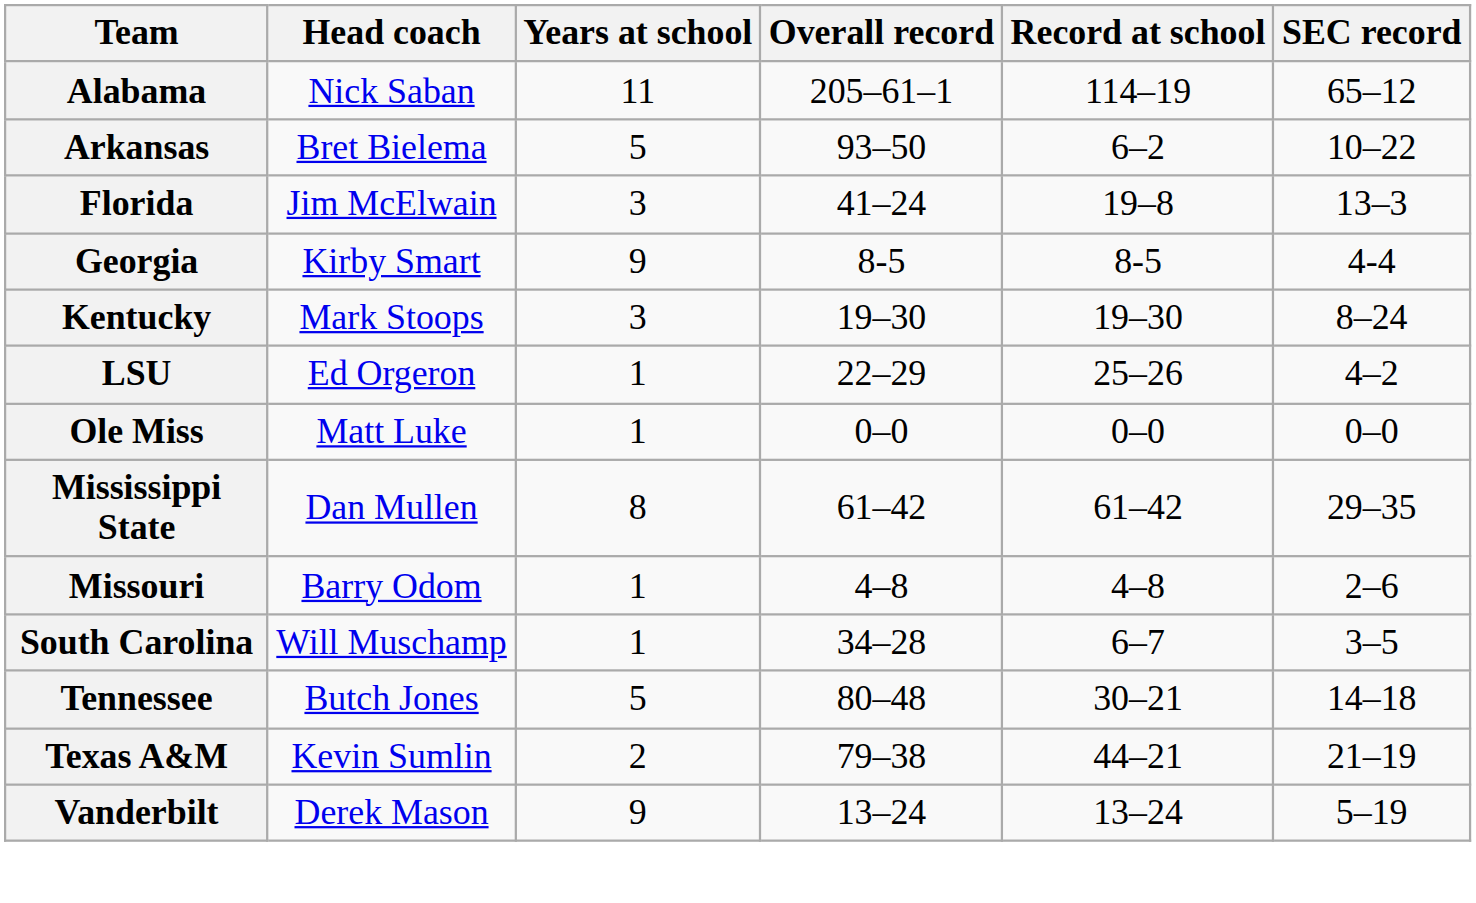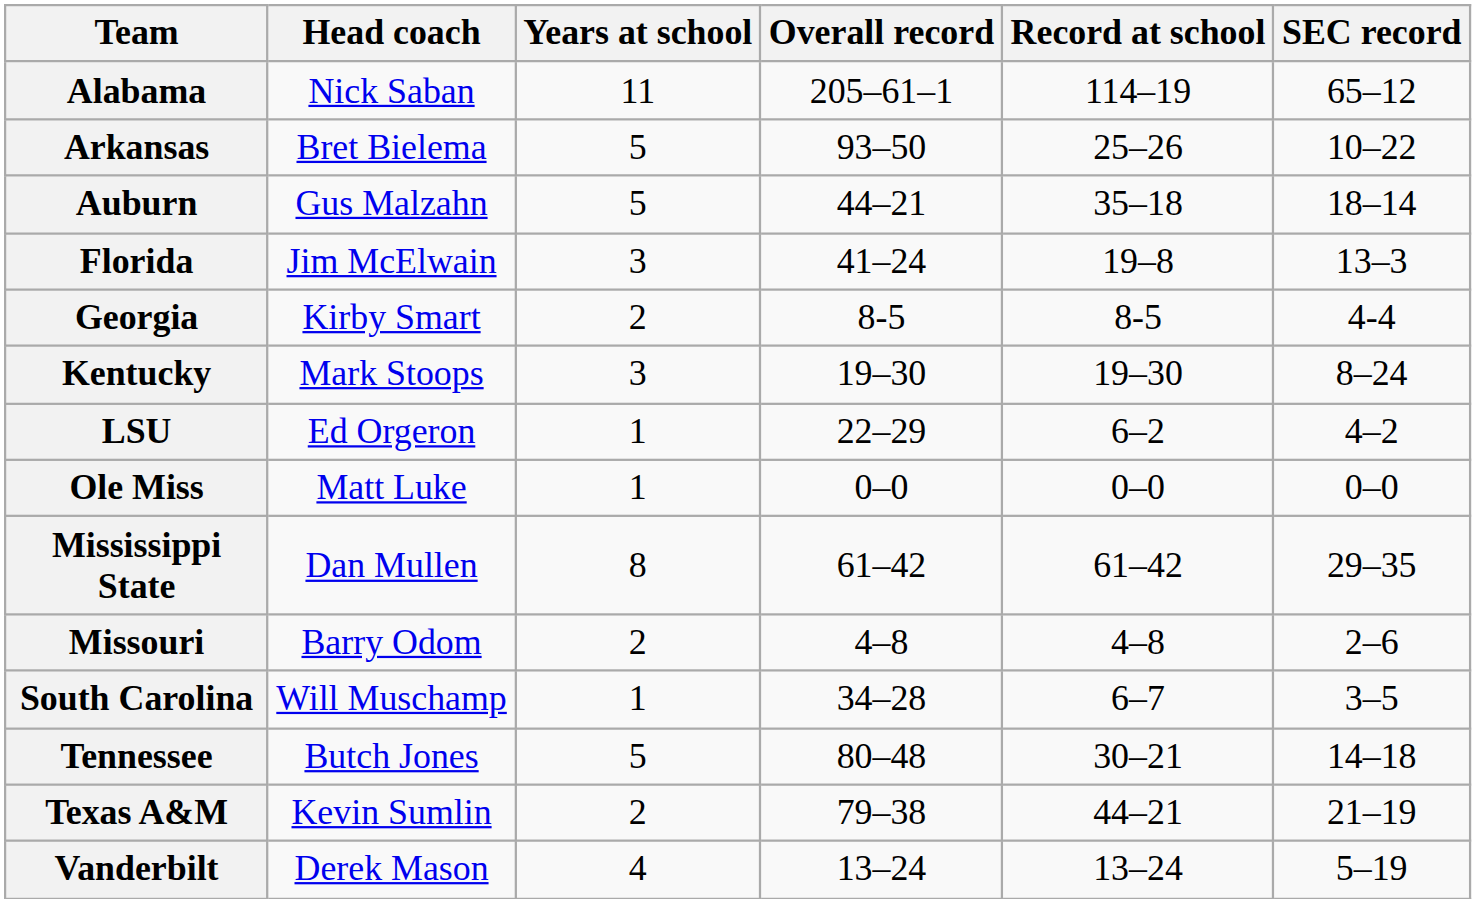 <table class="wikitable sortable" style="text-align: center;">
 <tr>
 <th width="110">Team</th>
 <th>Head coach</th>
 <th>Years at school</th>
 <th>Overall record</th>
 <th>Record at school</th>
 <th>SEC record</th>
 </tr>
 <tr>
 <th>Alabama</th>
 <td><a href='#'>Nick Saban</a></td>
 <td>11</td>
 <td>205–61–1</td>
 <td>114–19</td>
 <td>65–12</td>
 </tr>
 <tr>
 <th>Arkansas</th>
 <td><a href='#'>Bret Bielema</a></td>
 <td>5</td>
 <td>93–50</td>
-<td>6–2</td>
+<td>25–26</td>
 <td>10–22</td>
+</tr>
+<tr>
+<th>Auburn</th>
+<td><a href='#'>Gus Malzahn</a></td>
+<td>5</td>
+<td>44–21</td>
+<td>35–18</td>
+<td>18–14</td>
 </tr>
 <tr>
 <th>Florida</th>
 <td><a href='#'>Jim McElwain</a></td>
 <td>3</td>
 <td>41–24</td>
 <td>19–8</td>
 <td>13–3</td>
 </tr>
 <tr>
 <th>Georgia</th>
 <td><a href='#'>Kirby Smart</a></td>
-<td>9</td>
+<td>2</td>
 <td>8-5</td>
 <td>8-5</td>
 <td>4-4</td>
 </tr>
 <tr>
 <th>Kentucky</th>
 <td><a href='#'>Mark Stoops</a></td>
 <td>3</td>
 <td>19–30</td>
 <td>19–30</td>
 <td>8–24</td>
 </tr>
 <tr>
 <th>LSU</th>
 <td><a href='#'>Ed Orgeron</a></td>
 <td>1</td>
 <td>22–29</td>
-<td>25–26</td>
+<td>6–2</td>
 <td>4–2</td>
 </tr>
 <tr>
 <th>Ole Miss</th>
 <td><a href='#'>Matt Luke</a></td>
 <td>1</td>
 <td>0–0</td>
 <td>0–0</td>
 <td>0–0</td>
 </tr>
 <tr>
 <th>Mississippi State</th>
 <td><a href='#'>Dan Mullen</a></td>
 <td>8</td>
 <td>61–42</td>
 <td>61–42</td>
 <td>29–35</td>
 </tr>
 <tr>
 <th>Missouri</th>
 <td><a href='#'>Barry Odom</a></td>
-<td>1</td>
+<td>2</td>
 <td>4–8</td>
 <td>4–8</td>
 <td>2–6</td>
 </tr>
 <tr>
 <th>South Carolina</th>
 <td><a href='#'>Will Muschamp</a></td>
 <td>1</td>
 <td>34–28</td>
 <td>6–7</td>
 <td>3–5</td>
 </tr>
 <tr>
 <th>Tennessee</th>
 <td><a href='#'>Butch Jones</a></td>
 <td>5</td>
 <td>80–48</td>
 <td>30–21</td>
 <td>14–18</td>
 </tr>
 <tr>
 <th>Texas A&M</th>
 <td><a href='#'>Kevin Sumlin</a></td>
 <td>2</td>
 <td>79–38</td>
 <td>44–21</td>
 <td>21–19</td>
 </tr>
 <tr>
 <th>Vanderbilt</th>
 <td><a href='#'>Derek Mason</a></td>
-<td>9</td>
+<td>4</td>
 <td>13–24</td>
 <td>13–24</td>
 <td>5–19</td>
 </tr>
 </table>
